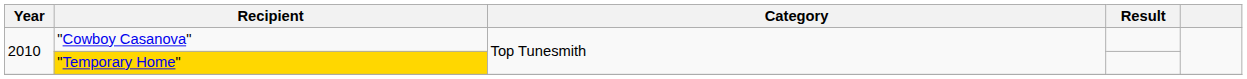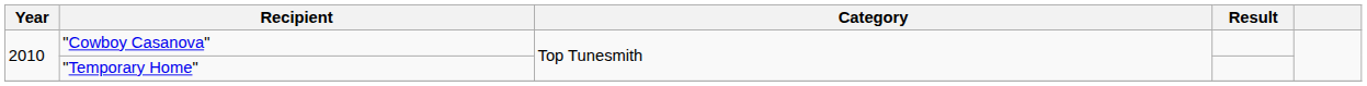 <table class="wikitable plainrowheaders" style="width:85%;">
 <tr>
 <th scope="col" style="width:4%;">Year</th>
 <th scope="col" style="width:35%;">Recipient</th>
 <th scope="col" style="width:50%;">Category</th>
 <th scope="col" style="width:6%;">Result</th>
 <th scope="col" style="width:6%;"></th>
 </tr>
 <tr>
 <td rowspan=2>2010</td>
 <td>"<a href='#'>Cowboy Casanova</a>"</td>
 <td rowspan=2>Top Tunesmith</td>
 <td></td>
 <td rowspan=2></td>
 </tr>
 <tr>
-<td style="background: gold;">"<a href='#'>Temporary Home</a>"</td>
+<td>"<a href='#'>Temporary Home</a>"</td>
 <td></td>
 </tr>
 <tr>
 </tr>
 </table>
